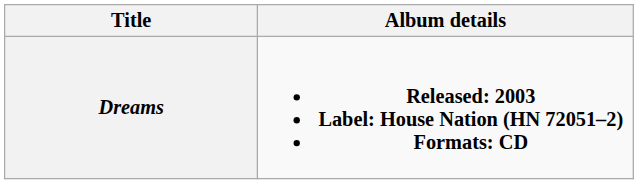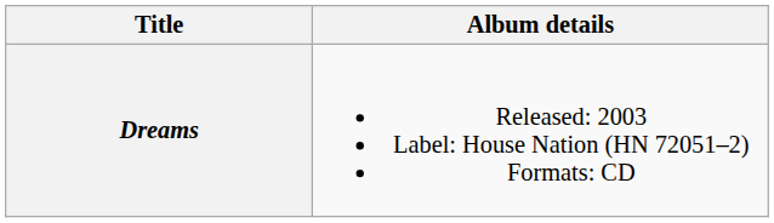 <table class="wikitable plainrowheaders" style="text-align:center;" border="1">
 <tr>
 <th scope="col" rowspan="1" style="width:12em;">Title</th>
 <th scope="col" rowspan="1" style="width:18em;">Album details</th>
 </tr>
 <tr>
 <th scope="row"><em>Dreams</em></th>
-<td><strong><br><ul><li>Released: 2003</li><li>Label: House Nation (HN 72051–2)</li><li>Formats: CD</li></ul></strong></td>
+<td><br><ul><li>Released: 2003</li><li>Label: House Nation (HN 72051–2)</li><li>Formats: CD</li></ul></td>
 </tr>
 </table>
